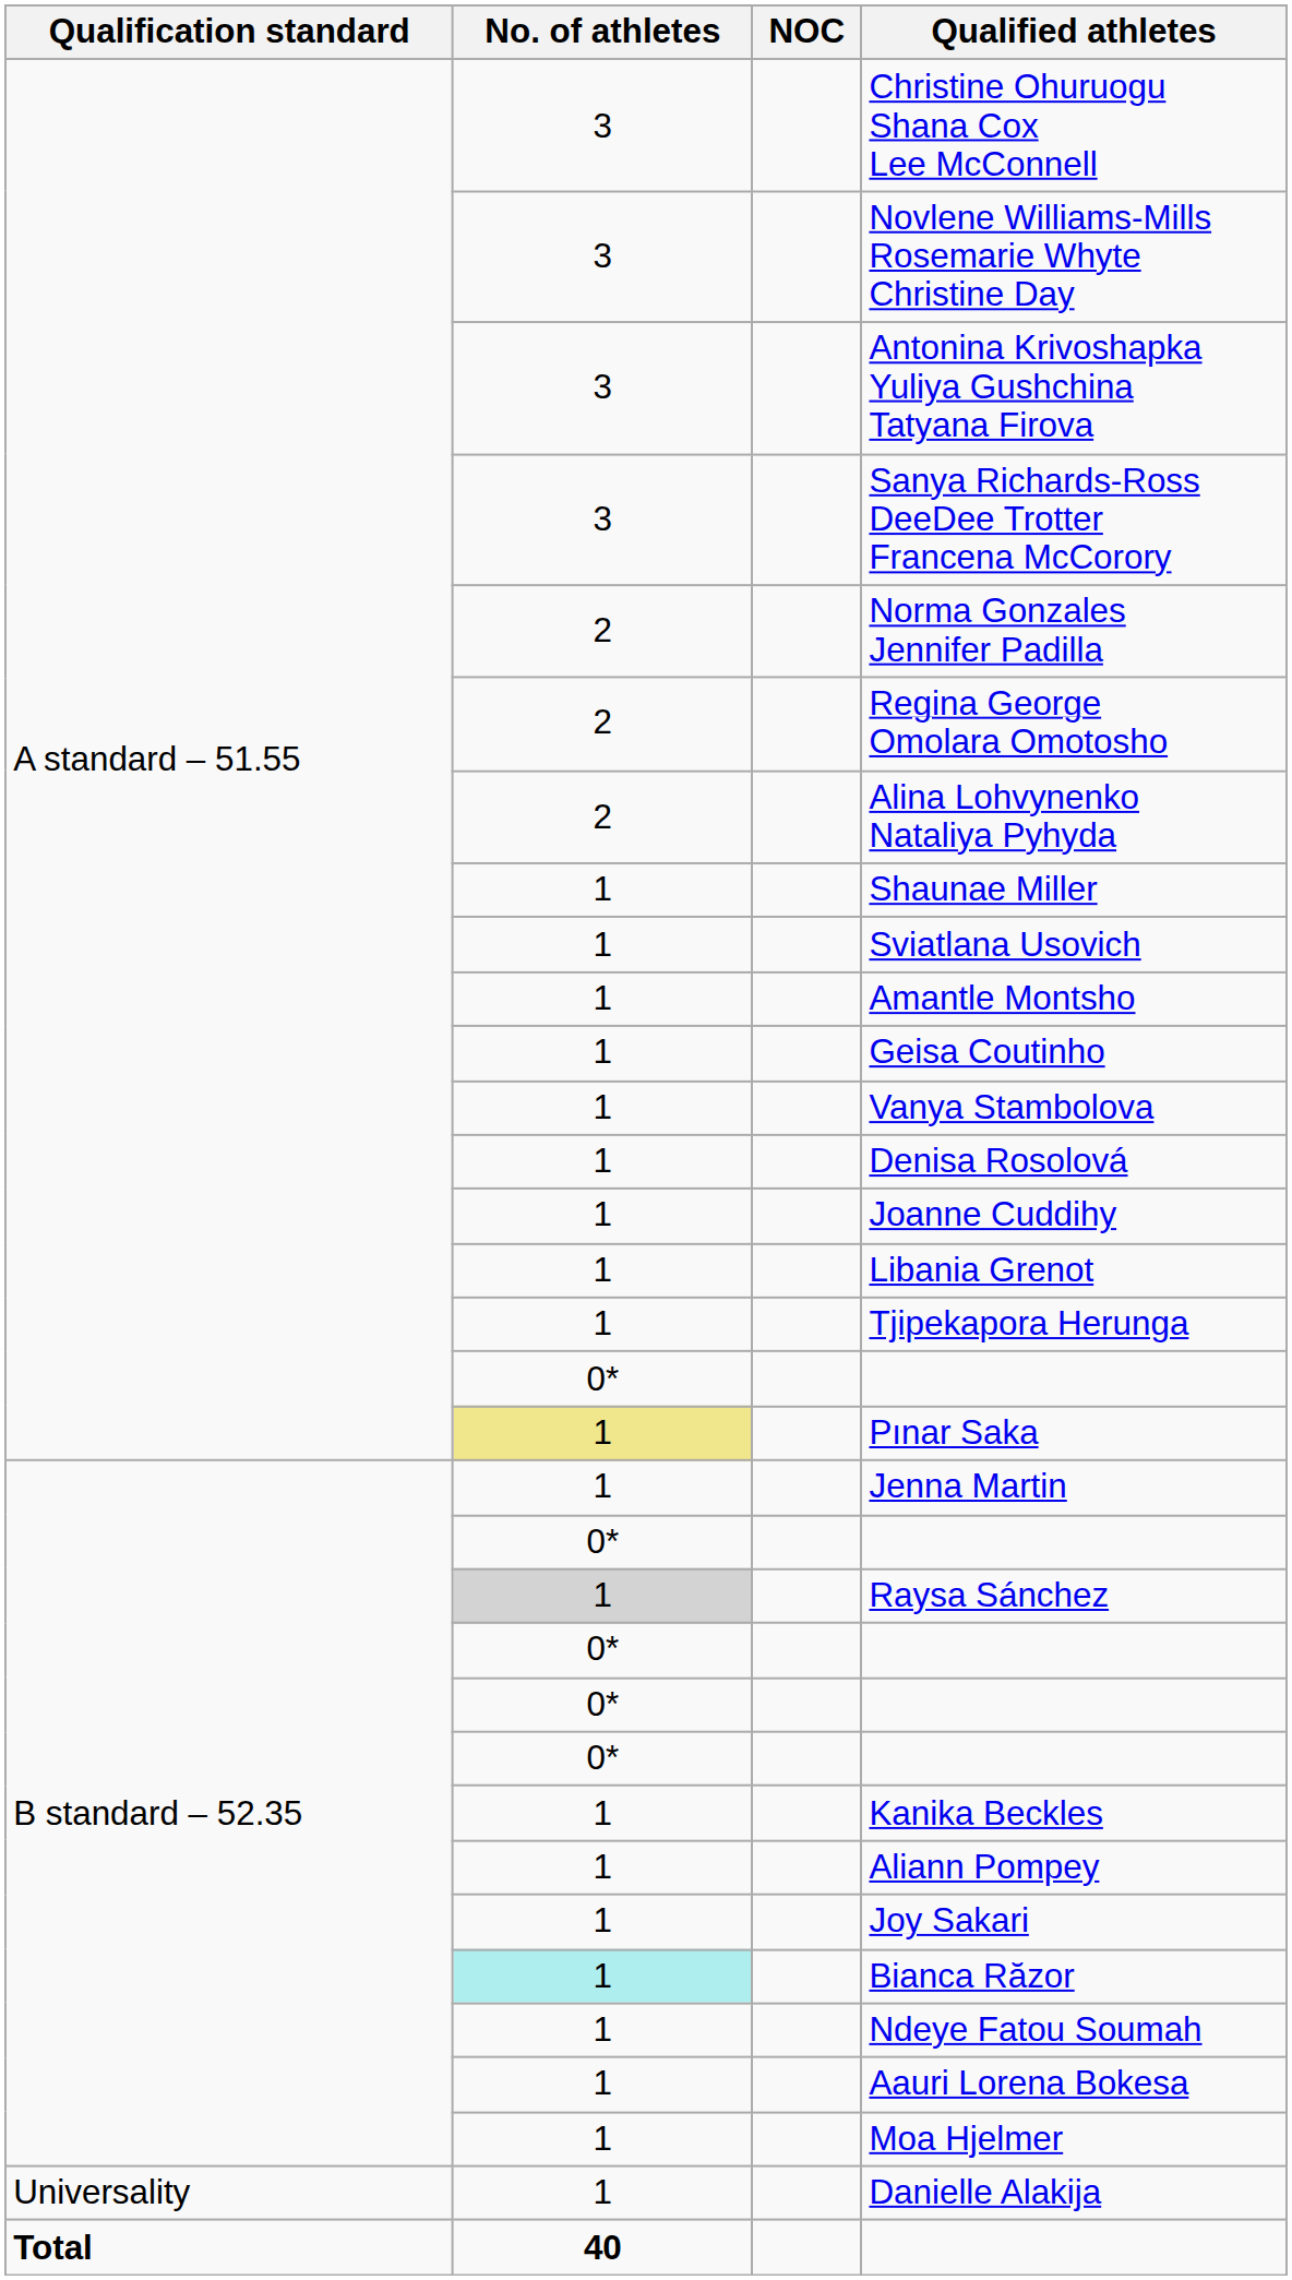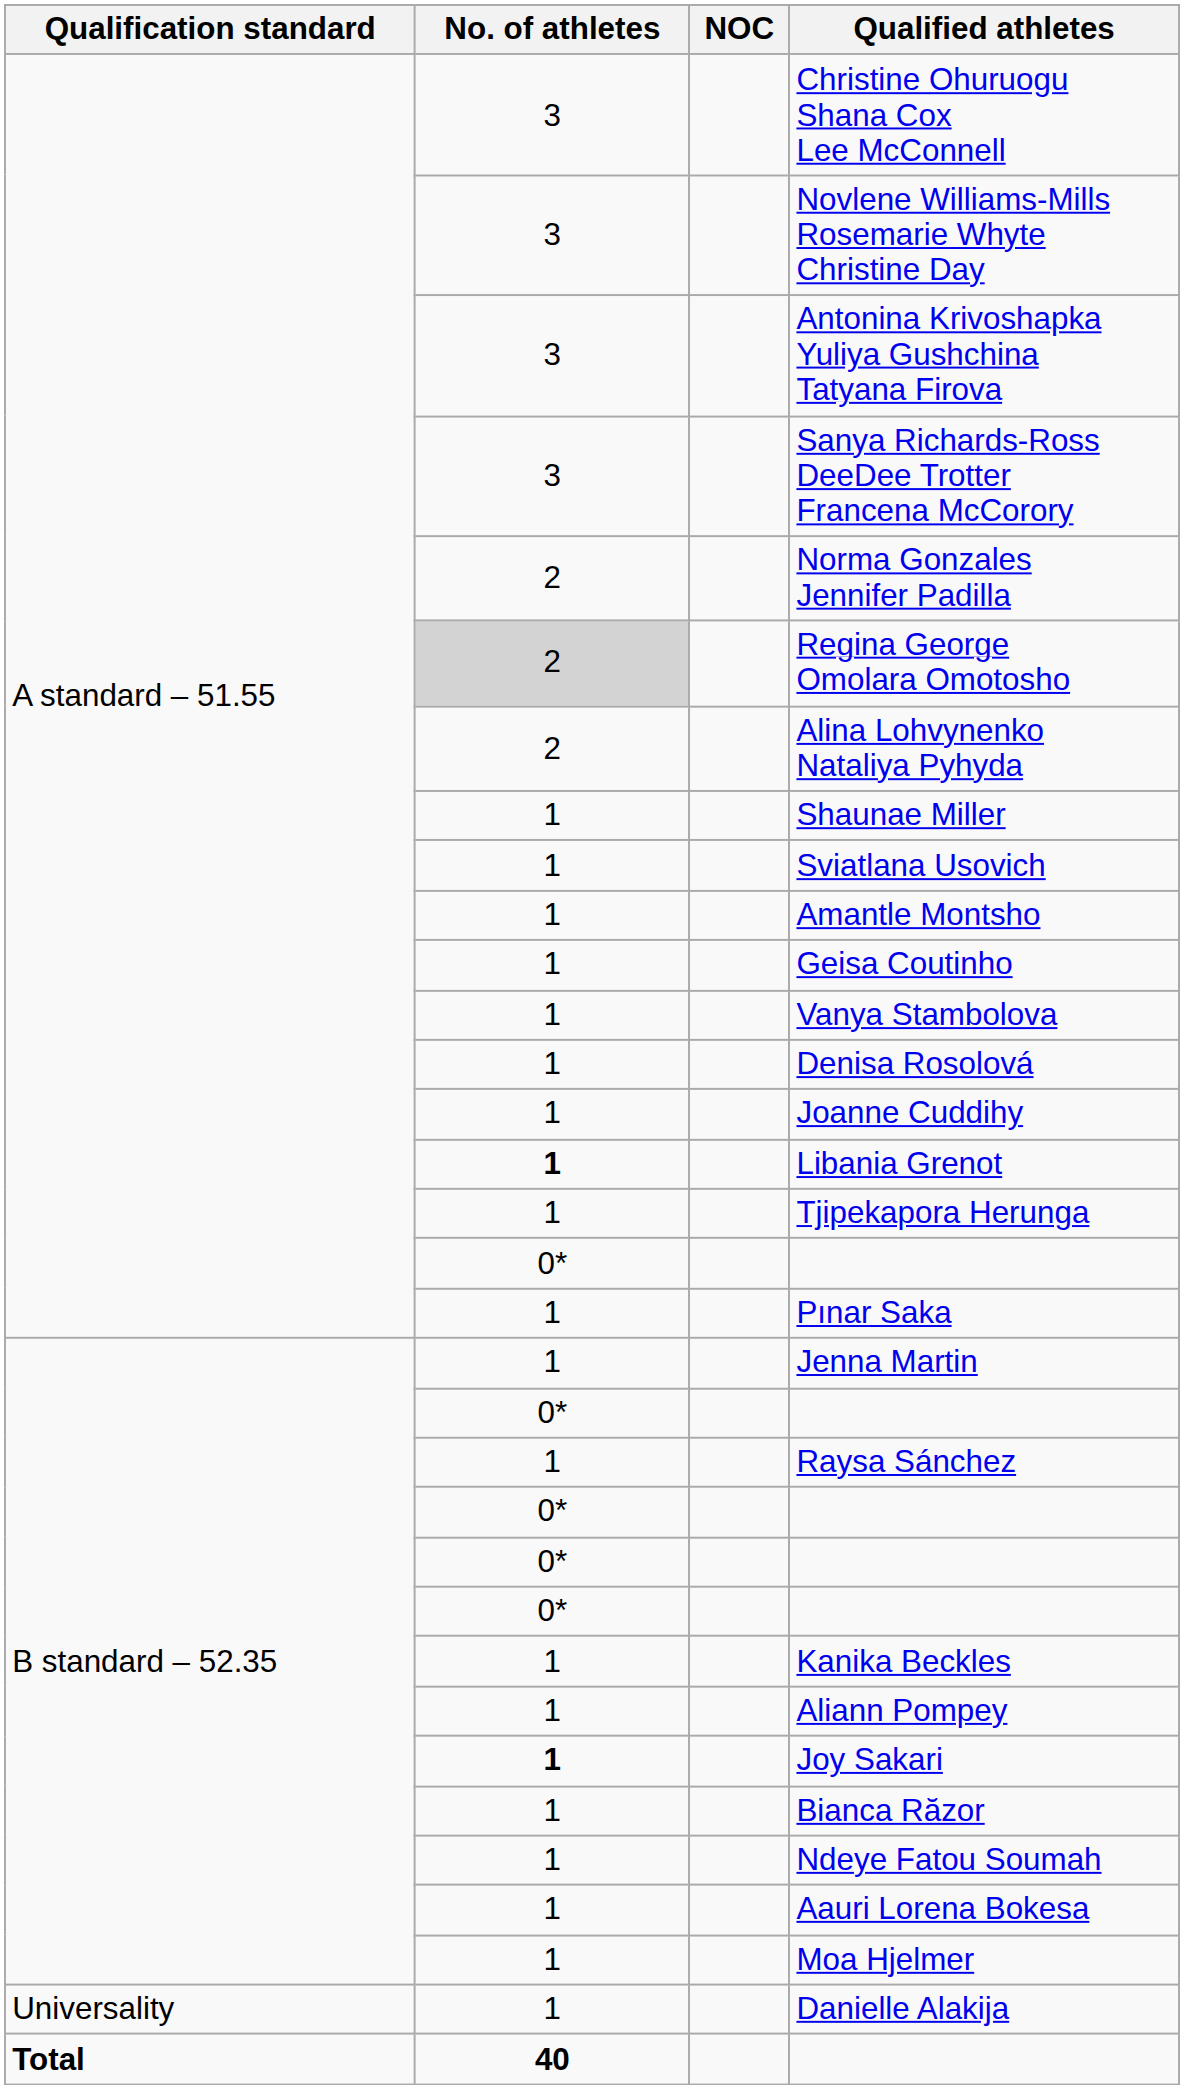 <table class="wikitable"  style="text-align:left; width:600px;">
 <tr>
 <th>Qualification standard</th>
 <th>No. of athletes</th>
 <th>NOC</th>
 <th>Qualified athletes</th>
 </tr>
 <tr>
 <td rowspan="18">A standard – 51.55</td>
 <td align=center>3</td>
 <td></td>
 <td><a href='#'>Christine Ohuruogu</a><br><a href='#'>Shana Cox</a><br><a href='#'>Lee McConnell</a></td>
 </tr>
 <tr>
 <td align=center>3</td>
 <td></td>
 <td><a href='#'>Novlene Williams-Mills</a><br><a href='#'>Rosemarie Whyte</a><br><a href='#'>Christine Day</a></td>
 </tr>
 <tr>
 <td align=center>3</td>
 <td></td>
 <td><a href='#'>Antonina Krivoshapka</a><br><a href='#'>Yuliya Gushchina</a><br><a href='#'>Tatyana Firova</a></td>
 </tr>
 <tr>
 <td align=center>3</td>
 <td></td>
 <td><a href='#'>Sanya Richards-Ross</a> <br> <a href='#'>DeeDee Trotter</a> <br> <a href='#'>Francena McCorory</a> <br></td>
 </tr>
 <tr>
 <td align=center>2</td>
 <td></td>
 <td><a href='#'>Norma Gonzales</a> <br> <a href='#'>Jennifer Padilla</a></td>
 </tr>
 <tr>
-<td align=center>2</td>
+<td align=center style="background: lightgrey;">2</td>
 <td></td>
 <td><a href='#'>Regina George</a> <br> <a href='#'>Omolara Omotosho</a></td>
 </tr>
 <tr>
 <td align=center>2</td>
 <td></td>
 <td><a href='#'>Alina Lohvynenko</a> <br> <a href='#'>Nataliya Pyhyda</a></td>
 </tr>
 <tr>
 <td align=center>1</td>
 <td></td>
 <td><a href='#'>Shaunae Miller</a></td>
 </tr>
 <tr>
 <td align=center>1</td>
 <td></td>
 <td><a href='#'>Sviatlana Usovich</a></td>
 </tr>
 <tr>
 <td align=center>1</td>
 <td></td>
 <td><a href='#'>Amantle Montsho</a></td>
 </tr>
 <tr>
 <td align=center>1</td>
 <td></td>
 <td><a href='#'>Geisa Coutinho</a></td>
 </tr>
 <tr>
 <td align=center>1</td>
 <td></td>
 <td><a href='#'>Vanya Stambolova</a></td>
 </tr>
 <tr>
 <td align=center>1</td>
 <td></td>
 <td><a href='#'>Denisa Rosolová</a></td>
 </tr>
 <tr>
 <td align=center>1</td>
 <td></td>
 <td><a href='#'>Joanne Cuddihy</a></td>
 </tr>
 <tr>
-<td align=center>1</td>
+<td align=center><strong>1</strong></td>
 <td></td>
 <td><a href='#'>Libania Grenot</a></td>
 </tr>
 <tr>
 <td align=center>1</td>
 <td></td>
 <td><a href='#'>Tjipekapora Herunga</a></td>
 </tr>
 <tr>
 <td align=center>0*</td>
 <td><s></s> </td>
 <td></td>
 </tr>
 <tr>
-<td align=center style="background: khaki;">1</td>
+<td align=center>1</td>
 <td></td>
 <td><a href='#'>Pınar Saka</a></td>
 </tr>
 <tr>
 <td rowspan="13">B standard – 52.35</td>
 <td align=center>1</td>
 <td></td>
 <td><a href='#'>Jenna Martin</a></td>
 </tr>
 <tr>
 <td align=center>0*</td>
 <td><s></s></td>
 <td></td>
 </tr>
 <tr>
-<td align=center style="background: lightgrey;">1</td>
+<td align=center>1</td>
 <td></td>
 <td><a href='#'>Raysa Sánchez</a></td>
 </tr>
 <tr>
 <td align=center>0*</td>
 <td><s></s></td>
 <td></td>
 </tr>
 <tr>
 <td align=center>0*</td>
 <td><s></s></td>
 <td></td>
 </tr>
 <tr>
 <td align=center>0*</td>
 <td><s></s></td>
 <td></td>
 </tr>
 <tr>
 <td align=center>1</td>
 <td></td>
 <td><a href='#'>Kanika Beckles</a></td>
 </tr>
 <tr>
 <td align=center>1</td>
 <td></td>
 <td><a href='#'>Aliann Pompey</a></td>
 </tr>
 <tr>
-<td align=center>1</td>
+<td align=center><strong>1</strong></td>
 <td></td>
 <td><a href='#'>Joy Sakari</a></td>
 </tr>
 <tr>
-<td align=center style="background: paleturquoise;">1</td>
+<td align=center>1</td>
 <td></td>
 <td><a href='#'>Bianca Răzor</a></td>
 </tr>
 <tr>
 <td align=center>1</td>
 <td></td>
 <td><a href='#'>Ndeye Fatou Soumah</a></td>
 </tr>
 <tr>
 <td align=center>1</td>
 <td></td>
 <td><a href='#'>Aauri Lorena Bokesa</a></td>
 </tr>
 <tr>
 <td align=center>1</td>
 <td></td>
 <td><a href='#'>Moa Hjelmer</a></td>
 </tr>
 <tr>
 <td>Universality</td>
 <td align=center>1</td>
 <td></td>
 <td><a href='#'>Danielle Alakija</a></td>
 </tr>
 <tr>
 <td><strong>Total</strong></td>
 <td align=center><strong>40</strong></td>
 <td></td>
 <td></td>
 </tr>
 </table>
